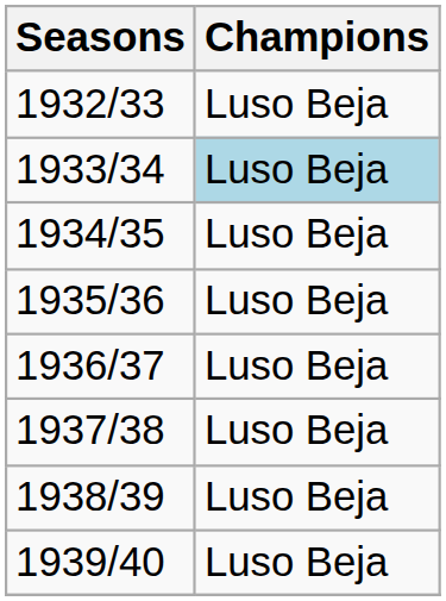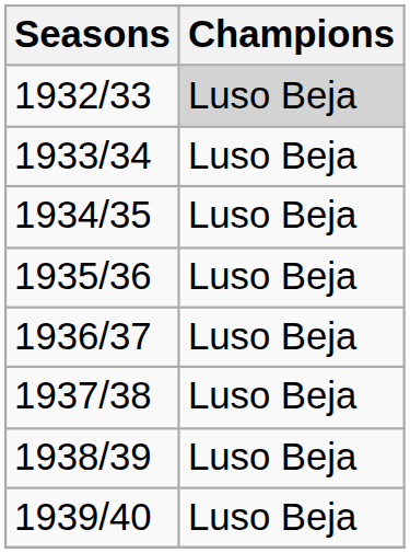 <table class="wikitable" style="text-align:left">
 <tr>
 <th style= width="80px">Seasons</th>
 <th style= width="200px">Champions</th>
 </tr>
 <tr>
 <td>1932/33</td>
-<td>Luso Beja</td>
+<td style="background: lightgrey;">Luso Beja</td>
 </tr>
 <tr>
 <td>1933/34</td>
-<td style="background: lightblue;">Luso Beja</td>
+<td>Luso Beja</td>
 </tr>
 <tr>
 <td>1934/35</td>
 <td>Luso Beja</td>
 </tr>
 <tr>
 <td>1935/36</td>
 <td>Luso Beja</td>
 </tr>
 <tr>
 <td>1936/37</td>
 <td>Luso Beja</td>
 </tr>
 <tr>
 <td>1937/38</td>
 <td>Luso Beja</td>
 </tr>
 <tr>
 <td>1938/39</td>
 <td>Luso Beja</td>
 </tr>
 <tr>
 <td>1939/40</td>
 <td>Luso Beja</td>
 </tr>
 <tr>
 </tr>
 </table>
